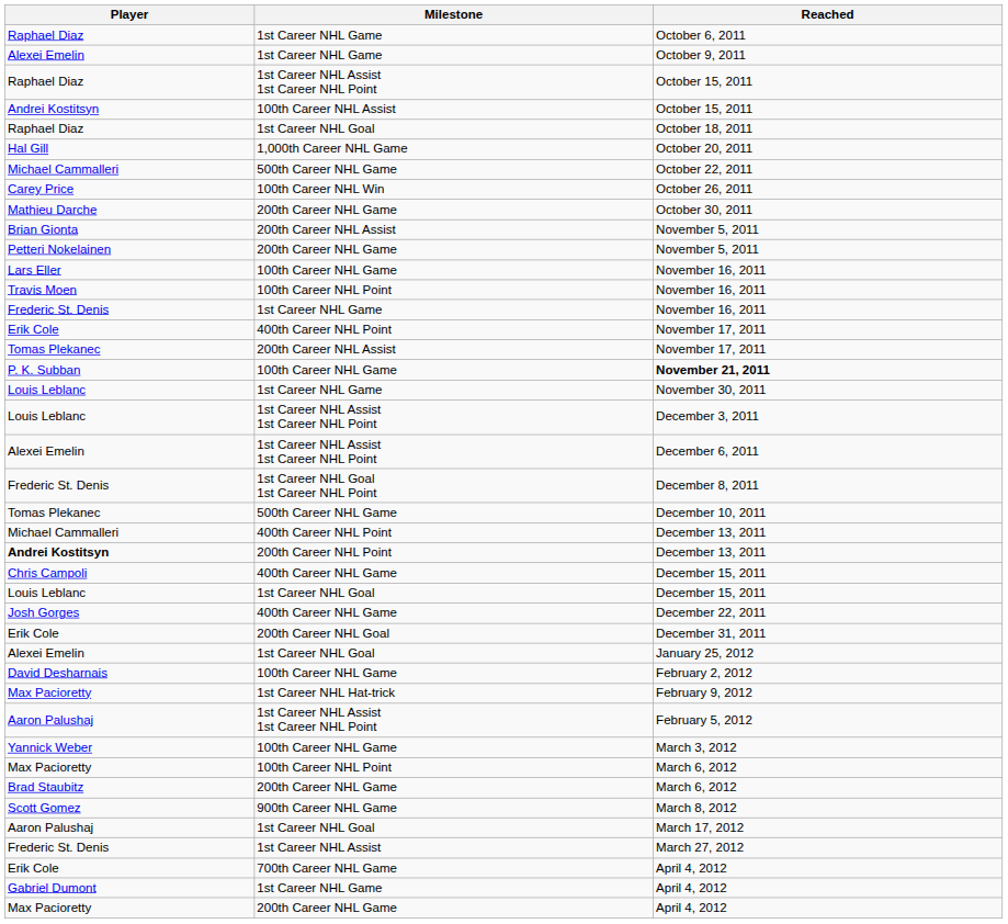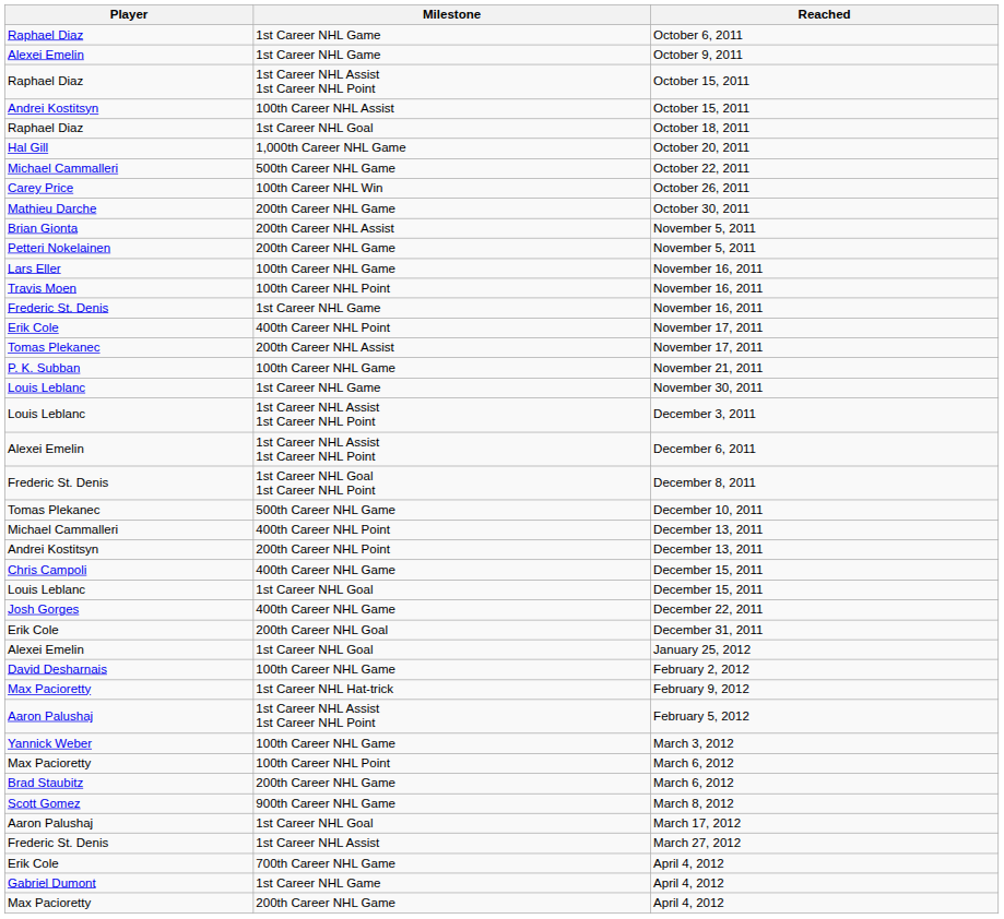 <table class="wikitable" style="width:100%;">
 <tr>
 <th style="width:25%;">Player</th>
 <th style="width:40%;">Milestone</th>
 <th style="width:35%;" data-sort-type="date">Reached</th>
 </tr>
 <tr>
 <td><a href='#'>Raphael Diaz</a></td>
 <td>1st Career NHL Game</td>
 <td>October 6, 2011</td>
 </tr>
 <tr>
 <td><a href='#'>Alexei Emelin</a></td>
 <td>1st Career NHL Game</td>
 <td>October 9, 2011</td>
 </tr>
 <tr>
 <td>Raphael Diaz</td>
 <td>1st Career NHL Assist<br>1st Career NHL Point</td>
 <td>October 15, 2011</td>
 </tr>
 <tr>
 <td><a href='#'>Andrei Kostitsyn</a></td>
 <td>100th Career NHL Assist</td>
 <td>October 15, 2011</td>
 </tr>
 <tr>
 <td>Raphael Diaz</td>
 <td>1st Career NHL Goal</td>
 <td>October 18, 2011</td>
 </tr>
 <tr>
 <td><a href='#'>Hal Gill</a></td>
 <td>1,000th Career NHL Game</td>
 <td>October 20, 2011</td>
 </tr>
 <tr>
 <td><a href='#'>Michael Cammalleri</a></td>
 <td>500th Career NHL Game</td>
 <td>October 22, 2011</td>
 </tr>
 <tr>
 <td><a href='#'>Carey Price</a></td>
 <td>100th Career NHL Win</td>
 <td>October 26, 2011</td>
 </tr>
 <tr>
 <td><a href='#'>Mathieu Darche</a></td>
 <td>200th Career NHL Game</td>
 <td>October 30, 2011</td>
 </tr>
 <tr>
 <td><a href='#'>Brian Gionta</a></td>
 <td>200th Career NHL Assist</td>
 <td>November 5, 2011</td>
 </tr>
 <tr>
 <td><a href='#'>Petteri Nokelainen</a></td>
 <td>200th Career NHL Game</td>
 <td>November 5, 2011</td>
 </tr>
 <tr>
 <td><a href='#'>Lars Eller</a></td>
 <td>100th Career NHL Game</td>
 <td>November 16, 2011</td>
 </tr>
 <tr>
 <td><a href='#'>Travis Moen</a></td>
 <td>100th Career NHL Point</td>
 <td>November 16, 2011</td>
 </tr>
 <tr>
 <td><a href='#'>Frederic St. Denis</a></td>
 <td>1st Career NHL Game</td>
 <td>November 16, 2011</td>
 </tr>
 <tr>
 <td><a href='#'>Erik Cole</a></td>
 <td>400th Career NHL Point</td>
 <td>November 17, 2011</td>
 </tr>
 <tr>
 <td><a href='#'>Tomas Plekanec</a></td>
 <td>200th Career NHL Assist</td>
 <td>November 17, 2011</td>
 </tr>
 <tr>
 <td><a href='#'>P. K. Subban</a></td>
 <td>100th Career NHL Game</td>
-<td><strong>November 21, 2011</strong></td>
+<td>November 21, 2011</td>
 </tr>
 <tr>
 <td><a href='#'>Louis Leblanc</a></td>
 <td>1st Career NHL Game</td>
 <td>November 30, 2011</td>
 </tr>
 <tr>
 <td>Louis Leblanc</td>
 <td>1st Career NHL Assist<br>1st Career NHL Point</td>
 <td>December 3, 2011</td>
 </tr>
 <tr>
 <td>Alexei Emelin</td>
 <td>1st Career NHL Assist<br>1st Career NHL Point</td>
 <td>December 6, 2011</td>
 </tr>
 <tr>
 <td>Frederic St. Denis</td>
 <td>1st Career NHL Goal<br>1st Career NHL Point</td>
 <td>December 8, 2011</td>
 </tr>
 <tr>
 <td>Tomas Plekanec</td>
 <td>500th Career NHL Game</td>
 <td>December 10, 2011</td>
 </tr>
 <tr>
 <td>Michael Cammalleri</td>
 <td>400th Career NHL Point</td>
 <td>December 13, 2011</td>
 </tr>
 <tr>
-<td><strong>Andrei Kostitsyn</strong></td>
+<td>Andrei Kostitsyn</td>
 <td>200th Career NHL Point</td>
 <td>December 13, 2011</td>
 </tr>
 <tr>
 <td><a href='#'>Chris Campoli</a></td>
 <td>400th Career NHL Game</td>
 <td>December 15, 2011</td>
 </tr>
 <tr>
 <td>Louis Leblanc</td>
 <td>1st Career NHL Goal</td>
 <td>December 15, 2011</td>
 </tr>
 <tr>
 <td><a href='#'>Josh Gorges</a></td>
 <td>400th Career NHL Game</td>
 <td>December 22, 2011</td>
 </tr>
 <tr>
 <td>Erik Cole</td>
 <td>200th Career NHL Goal</td>
 <td>December 31, 2011</td>
 </tr>
 <tr>
 <td>Alexei Emelin</td>
 <td>1st Career NHL Goal</td>
 <td>January 25, 2012</td>
 </tr>
 <tr>
 <td><a href='#'>David Desharnais</a></td>
 <td>100th Career NHL Game</td>
 <td>February 2, 2012</td>
 </tr>
 <tr>
 <td><a href='#'>Max Pacioretty</a></td>
 <td>1st Career NHL Hat-trick</td>
 <td>February 9, 2012</td>
 </tr>
 <tr>
 <td><a href='#'>Aaron Palushaj</a></td>
 <td>1st Career NHL Assist<br>1st Career NHL Point</td>
 <td>February 5, 2012</td>
 </tr>
 <tr>
 <td><a href='#'>Yannick Weber</a></td>
 <td>100th Career NHL Game</td>
 <td>March 3, 2012</td>
 </tr>
 <tr>
 <td>Max Pacioretty</td>
 <td>100th Career NHL Point</td>
 <td>March 6, 2012</td>
 </tr>
 <tr>
 <td><a href='#'>Brad Staubitz</a></td>
 <td>200th Career NHL Game</td>
 <td>March 6, 2012</td>
 </tr>
 <tr>
 <td><a href='#'>Scott Gomez</a></td>
 <td>900th Career NHL Game</td>
 <td>March 8, 2012</td>
 </tr>
 <tr>
 <td>Aaron Palushaj</td>
 <td>1st Career NHL Goal</td>
 <td>March 17, 2012</td>
 </tr>
 <tr>
 <td>Frederic St. Denis</td>
 <td>1st Career NHL Assist</td>
 <td>March 27, 2012</td>
 </tr>
 <tr>
 <td>Erik Cole</td>
 <td>700th Career NHL Game</td>
 <td>April 4, 2012</td>
 </tr>
 <tr>
 <td><a href='#'>Gabriel Dumont</a></td>
 <td>1st Career NHL Game</td>
 <td>April 4, 2012</td>
 </tr>
 <tr>
 <td>Max Pacioretty</td>
 <td>200th Career NHL Game</td>
 <td>April 4, 2012</td>
 </tr>
 </table>
